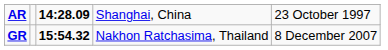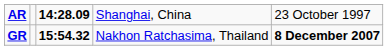 <table class="wikitable" style="font-size:95%; position:relative;">
 <tr>
 <td align=center><strong><a href='#'>AR</a></strong></td>
 <td></td>
 <td><strong>14:28.09</strong></td>
 <td><a href='#'>Shanghai</a>, China</td>
 <td>23 October 1997</td>
 </tr>
 <tr>
 <td align=center><strong><a href='#'>GR</a></strong></td>
 <td></td>
 <td><strong>15:54.32</strong></td>
 <td><a href='#'>Nakhon Ratchasima</a>, Thailand</td>
-<td>8 December 2007</td>
+<td><strong>8 December 2007</strong></td>
 </tr>
 </table>
